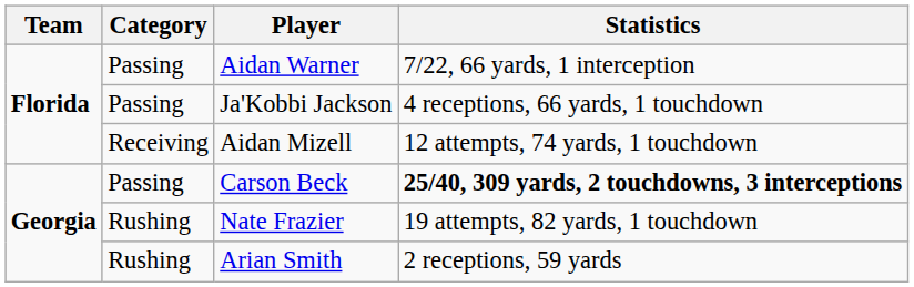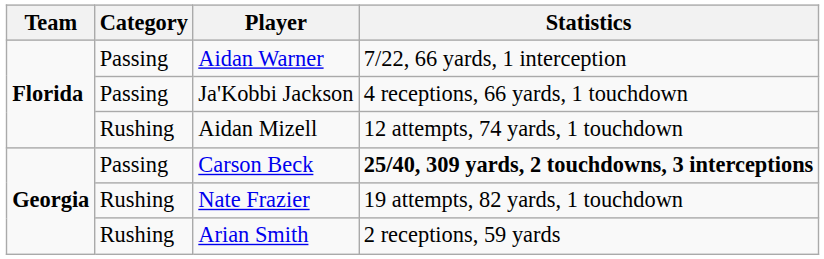 <table class="wikitable" style="float: right;">
 <tr>
 <th>Team</th>
 <th>Category</th>
 <th>Player</th>
 <th>Statistics</th>
 </tr>
 <tr>
 <td rowspan=3><strong>Florida</strong></td>
 <td>Passing</td>
 <td><a href='#'>Aidan Warner</a></td>
 <td>7/22, 66 yards, 1 interception</td>
 </tr>
 <tr>
 <td>Passing</td>
 <td>Ja'Kobbi Jackson</td>
 <td>4 receptions, 66 yards, 1 touchdown</td>
 </tr>
 <tr>
-<td>Receiving</td>
+<td>Rushing</td>
 <td>Aidan Mizell</td>
 <td>12 attempts, 74 yards, 1 touchdown</td>
 </tr>
 <tr>
 <td rowspan=3><strong>Georgia</strong></td>
 <td>Passing</td>
 <td><a href='#'>Carson Beck</a></td>
 <td><strong>25/40, 309 yards, 2 touchdowns, 3 interceptions</strong></td>
 </tr>
 <tr>
 <td>Rushing</td>
 <td><a href='#'>Nate Frazier</a></td>
 <td>19 attempts, 82 yards, 1 touchdown</td>
 </tr>
 <tr>
 <td>Rushing</td>
 <td><a href='#'>Arian Smith</a></td>
 <td>2 receptions, 59 yards</td>
 </tr>
 </table>
